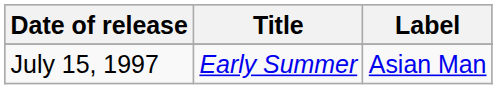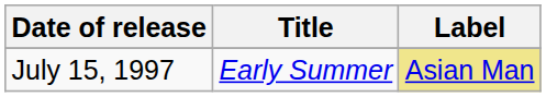 <table class="wikitable" style="font-size: 95%;">
 <tr>
 <th>Date of release</th>
 <th>Title</th>
 <th>Label</th>
 </tr>
 <tr>
 </tr>
 <tr>
 <td>July 15, 1997</td>
 <td><em><a href='#'>Early Summer</a></em></td>
-<td><a href='#'>Asian Man</a></td>
+<td style="background: khaki;"><a href='#'>Asian Man</a></td>
 </tr>
 </table>
